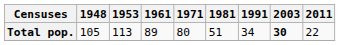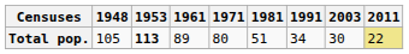 <table class="wikitable">
 <tr>
 <th>Censuses</th>
 <th>1948</th>
 <th>1953</th>
 <th>1961</th>
 <th>1971</th>
 <th>1981</th>
 <th>1991</th>
 <th>2003</th>
 <th>2011</th>
 </tr>
 <tr>
 <th>Total pop.</th>
 <td>105</td>
-<td>113</td>
+<td><strong>113</strong></td>
 <td>89</td>
 <td>80</td>
 <td>51</td>
 <td>34</td>
-<td><strong>30</strong></td>
-<td>22</td>
+<td>30</td>
+<td style="background: khaki;">22</td>
 </tr>
 <tr>
 </tr>
 </table>
